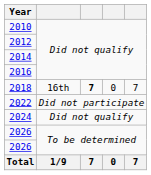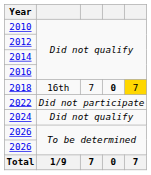 <table class="wikitable" style="text-align:center">
 <tr>
 <th>Year</th>
 <th></th>
 <th width=25></th>
 <th width=25></th>
 <th width=25></th>
 </tr>
 <tr>
 <td> <a href='#'>2010</a></td>
 <td colspan=4 rowspan=4><em>Did not qualify</em></td>
 </tr>
 <tr>
 <td> <a href='#'>2012</a></td>
 </tr>
 <tr>
 <td> <a href='#'>2014</a></td>
 </tr>
 <tr>
 <td> <a href='#'>2016</a></td>
 </tr>
 <tr>
 <td> <a href='#'>2018</a></td>
 <td>16th</td>
-<td><strong>7</strong></td>
-<td>0</td>
 <td>7</td>
+<td><strong>0</strong></td>
+<td style="background: gold;">7</td>
 </tr>
 <tr>
 <td> <a href='#'>2022</a></td>
 <td colspan=4><em>Did not participate</em></td>
 </tr>
 <tr>
 <td> <a href='#'>2024</a></td>
 <td colspan=4><em>Did not qualify</em></td>
 </tr>
 <tr>
 <td> <a href='#'>2026</a></td>
 <td colspan=4 rowspan=2><em>To be determined</em></td>
 </tr>
 <tr>
 <td> <a href='#'>2026</a></td>
 </tr>
 <tr>
 <th>Total</th>
 <th>1/9</th>
 <th>7</th>
 <th>0</th>
 <th>7</th>
 </tr>
 </table>
